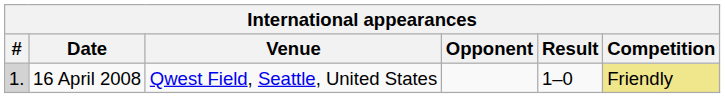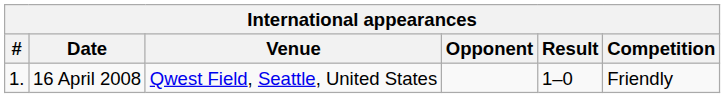 <table class="wikitable collapsible collapsed" style="font-size:95%">
 <tr>
 <th colspan="7"><strong>International appearances</strong></th>
 </tr>
 <tr>
 <th>#</th>
 <th>Date</th>
 <th>Venue</th>
 <th>Opponent</th>
 <th>Result</th>
 <th>Competition</th>
 </tr>
 <tr>
-<td style="background: lightgrey;">1.</td>
+<td>1.</td>
 <td>16 April 2008</td>
 <td><a href='#'>Qwest Field</a>, <a href='#'>Seattle</a>, United States</td>
 <td></td>
 <td>1–0</td>
-<td style="background: khaki;">Friendly</td>
+<td>Friendly</td>
 </tr>
 </table>
